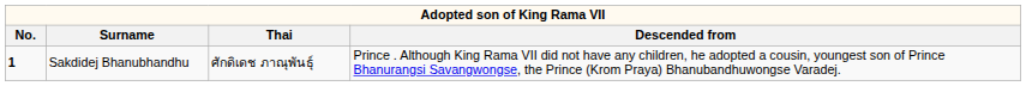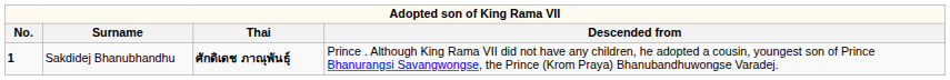 <table class="wikitable collapsible collapsed" style="width:100%;">
 <tr>
 <th style="align: center; background: #fffaf0;" colspan="4"><strong>Adopted son of King Rama VII</strong></th>
 </tr>
 <tr>
 <th style="width:4%;">No.</th>
 <th style="width:16%;">Surname</th>
 <th style="width:14%;">Thai</th>
 <th style="width:66%;">Descended from</th>
 </tr>
 <tr>
 <td><strong>1</strong></td>
 <td>Sakdidej Bhanubhandhu</td>
-<td>ศักดิเดช ภาณุพันธุ์</td>
+<td><strong>ศักดิเดช ภาณุพันธุ์</strong></td>
 <td>Prince . Although King Rama VII did not have any children, he adopted a cousin, youngest son of Prince <a href='#'>Bhanurangsi Savangwongse</a>, the Prince (Krom Praya) Bhanubandhuwongse Varadej.</td>
 </tr>
 </table>
